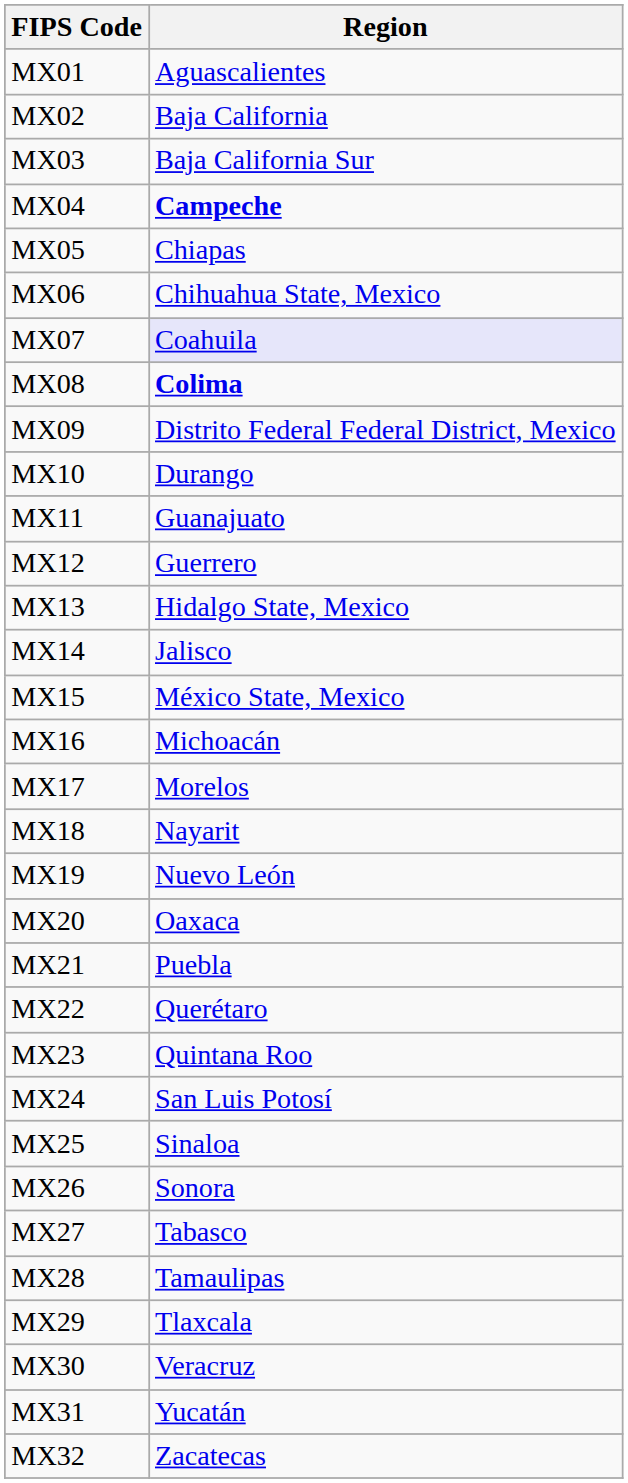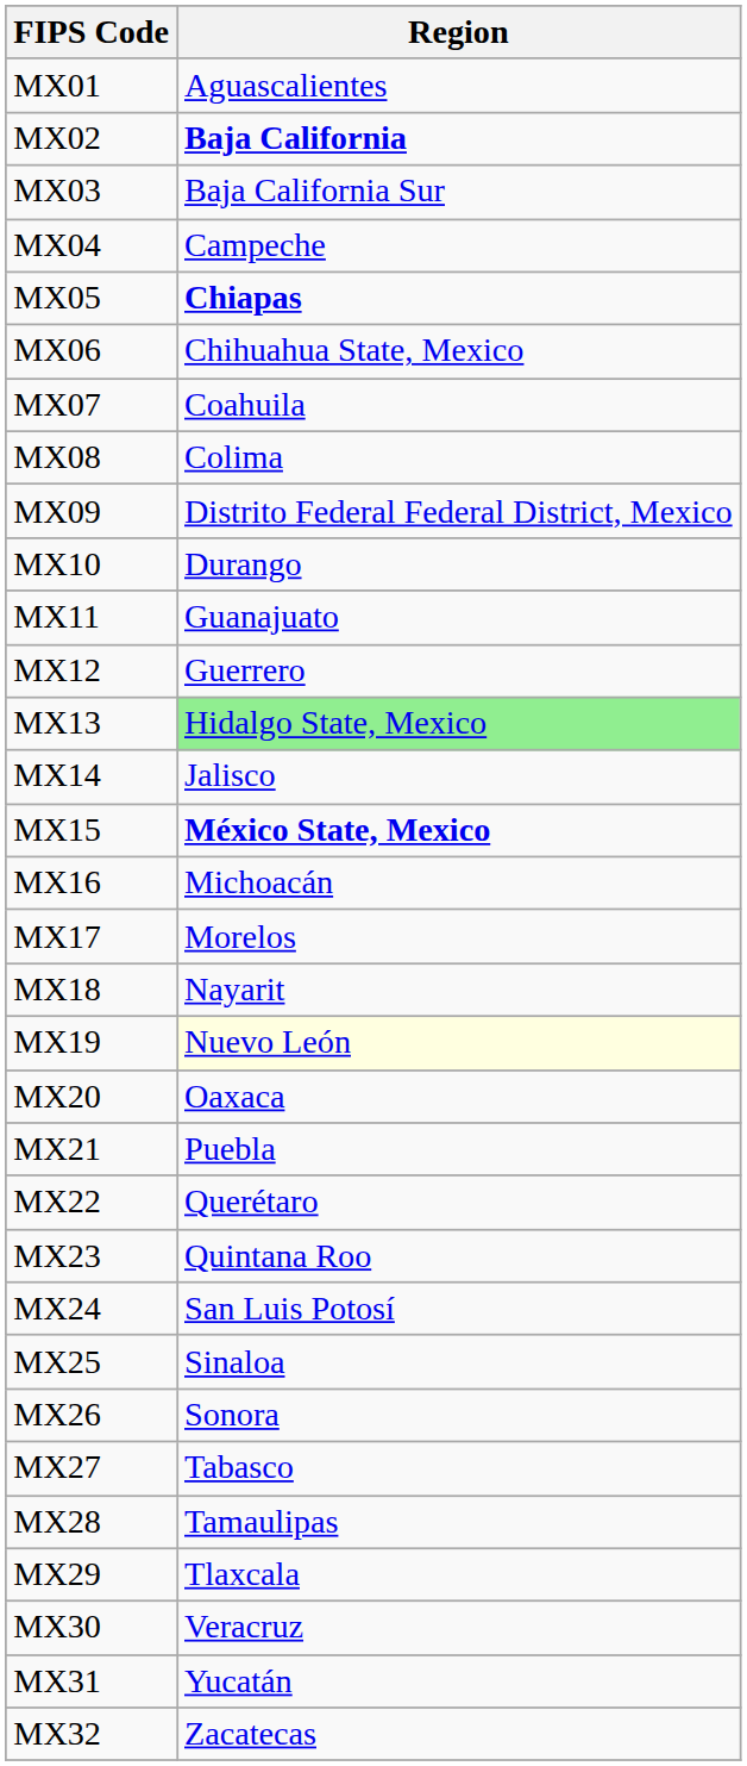 <table class="wikitable">
 <tr>
 <th>FIPS Code</th>
 <th>Region</th>
 </tr>
 <tr>
 <td>MX01</td>
 <td><a href='#'>Aguascalientes</a></td>
 </tr>
 <tr>
 <td>MX02</td>
-<td><a href='#'>Baja California</a></td>
+<td><strong><a href='#'>Baja California</a></strong></td>
 </tr>
 <tr>
 <td>MX03</td>
 <td><a href='#'>Baja California Sur</a></td>
 </tr>
 <tr>
 <td>MX04</td>
-<td><strong><a href='#'>Campeche</a></strong></td>
+<td><a href='#'>Campeche</a></td>
 </tr>
 <tr>
 <td>MX05</td>
-<td><a href='#'>Chiapas</a></td>
+<td><strong><a href='#'>Chiapas</a></strong></td>
 </tr>
 <tr>
 <td>MX06</td>
 <td><a href='#'>Chihuahua State, Mexico</a></td>
 </tr>
 <tr>
 <td>MX07</td>
-<td style="background: lavender;"><a href='#'>Coahuila</a></td>
+<td><a href='#'>Coahuila</a></td>
 </tr>
 <tr>
 <td>MX08</td>
-<td><strong><a href='#'>Colima</a></strong></td>
+<td><a href='#'>Colima</a></td>
 </tr>
 <tr>
 <td>MX09</td>
 <td><a href='#'>Distrito Federal Federal District, Mexico</a></td>
 </tr>
 <tr>
 <td>MX10</td>
 <td><a href='#'>Durango</a></td>
 </tr>
 <tr>
 <td>MX11</td>
 <td><a href='#'>Guanajuato</a></td>
 </tr>
 <tr>
 <td>MX12</td>
 <td><a href='#'>Guerrero</a></td>
 </tr>
 <tr>
 <td>MX13</td>
-<td><a href='#'>Hidalgo State, Mexico</a></td>
+<td style="background: lightgreen;"><a href='#'>Hidalgo State, Mexico</a></td>
 </tr>
 <tr>
 <td>MX14</td>
 <td><a href='#'>Jalisco</a></td>
 </tr>
 <tr>
 <td>MX15</td>
-<td><a href='#'>México State, Mexico</a></td>
+<td><strong><a href='#'>México State, Mexico</a></strong></td>
 </tr>
 <tr>
 <td>MX16</td>
 <td><a href='#'>Michoacán</a></td>
 </tr>
 <tr>
 <td>MX17</td>
 <td><a href='#'>Morelos</a></td>
 </tr>
 <tr>
 <td>MX18</td>
 <td><a href='#'>Nayarit</a></td>
 </tr>
 <tr>
 <td>MX19</td>
-<td><a href='#'>Nuevo León</a></td>
+<td style="background: lightyellow;"><a href='#'>Nuevo León</a></td>
 </tr>
 <tr>
 <td>MX20</td>
 <td><a href='#'>Oaxaca</a></td>
 </tr>
 <tr>
 <td>MX21</td>
 <td><a href='#'>Puebla</a></td>
 </tr>
 <tr>
 <td>MX22</td>
 <td><a href='#'>Querétaro</a></td>
 </tr>
 <tr>
 <td>MX23</td>
 <td><a href='#'>Quintana Roo</a></td>
 </tr>
 <tr>
 <td>MX24</td>
 <td><a href='#'>San Luis Potosí</a></td>
 </tr>
 <tr>
 <td>MX25</td>
 <td><a href='#'>Sinaloa</a></td>
 </tr>
 <tr>
 <td>MX26</td>
 <td><a href='#'>Sonora</a></td>
 </tr>
 <tr>
 <td>MX27</td>
 <td><a href='#'>Tabasco</a></td>
 </tr>
 <tr>
 <td>MX28</td>
 <td><a href='#'>Tamaulipas</a></td>
 </tr>
 <tr>
 <td>MX29</td>
 <td><a href='#'>Tlaxcala</a></td>
 </tr>
 <tr>
 <td>MX30</td>
 <td><a href='#'>Veracruz</a></td>
 </tr>
 <tr>
 <td>MX31</td>
 <td><a href='#'>Yucatán</a></td>
 </tr>
 <tr>
 <td>MX32</td>
 <td><a href='#'>Zacatecas</a></td>
 </tr>
 </table>
